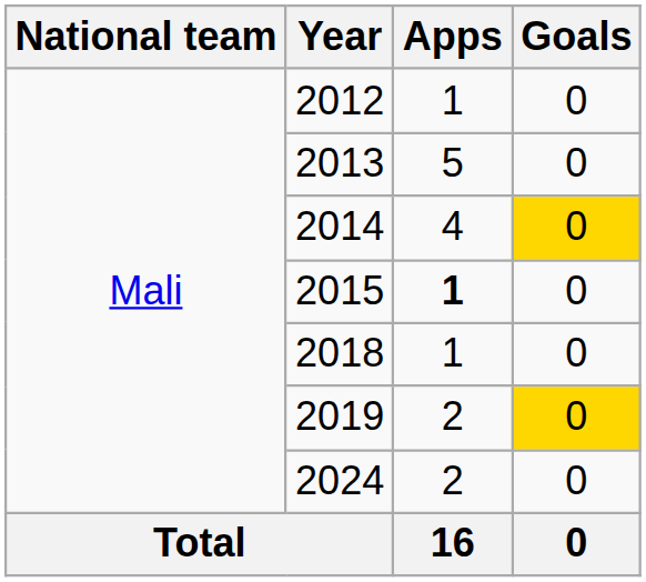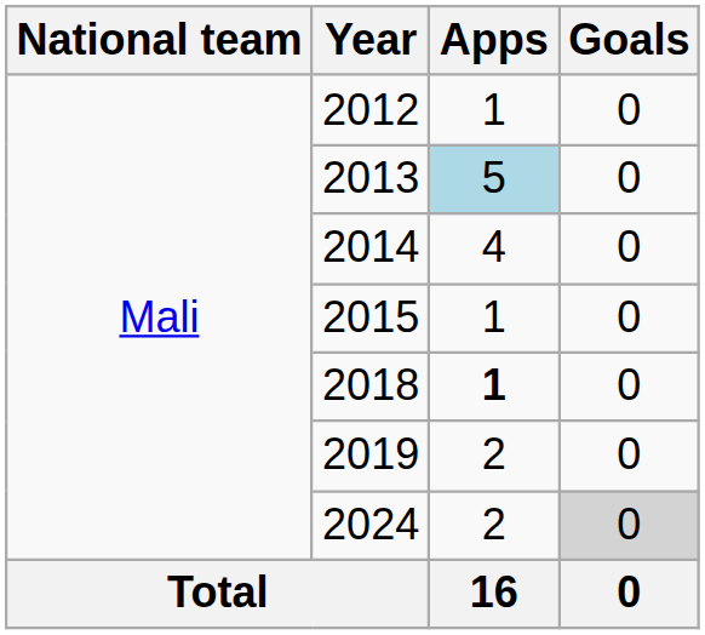 <table class="wikitable" style="text-align:center">
 <tr>
 <th>National team</th>
 <th>Year</th>
 <th>Apps</th>
 <th>Goals</th>
 </tr>
 <tr>
 <td rowspan="7"><a href='#'>Mali</a></td>
 <td>2012</td>
 <td>1</td>
 <td>0</td>
 </tr>
 <tr>
 <td>2013</td>
-<td>5</td>
+<td style="background: lightblue;">5</td>
 <td>0</td>
 </tr>
 <tr>
 <td>2014</td>
 <td>4</td>
-<td style="background: gold;">0</td>
+<td>0</td>
 </tr>
 <tr>
 <td>2015</td>
-<td><strong>1</strong></td>
+<td>1</td>
 <td>0</td>
 </tr>
 <tr>
 <td>2018</td>
-<td>1</td>
+<td><strong>1</strong></td>
 <td>0</td>
 </tr>
 <tr>
 <td>2019</td>
 <td>2</td>
-<td style="background: gold;">0</td>
+<td>0</td>
 </tr>
 <tr>
 <td>2024</td>
 <td>2</td>
-<td>0</td>
+<td style="background: lightgrey;">0</td>
 </tr>
 <tr>
 <th colspan="2">Total</th>
 <th>16</th>
 <th>0</th>
 </tr>
 </table>
